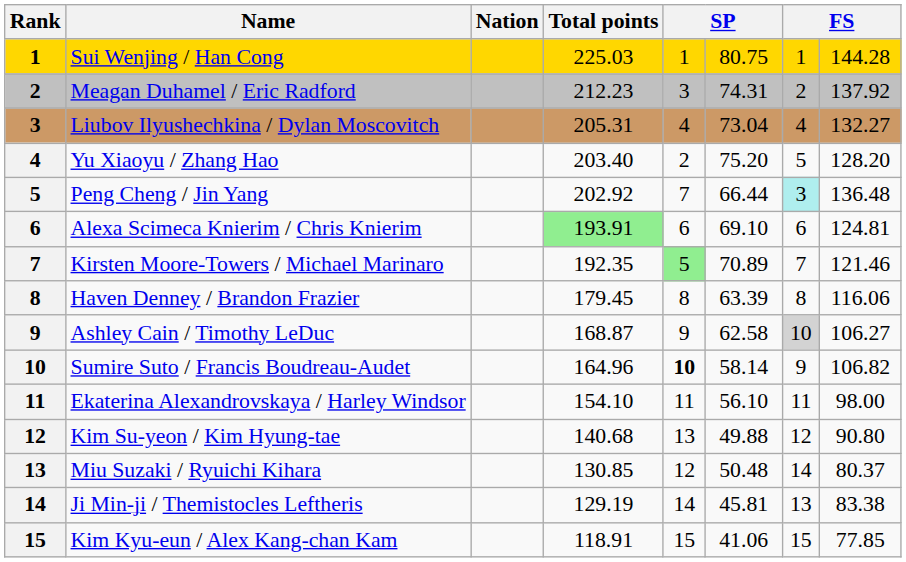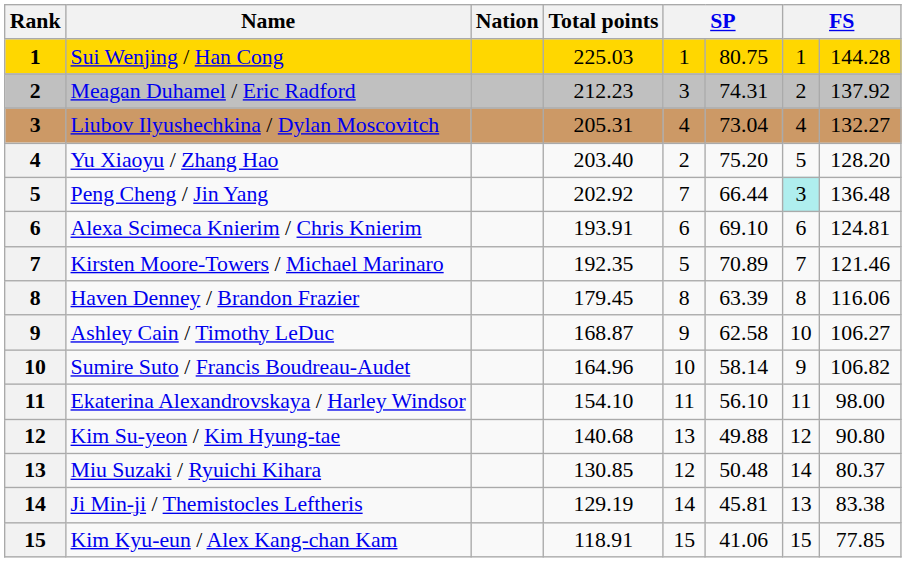 <table class="wikitable sortable">
 <tr>
 <th>Rank</th>
 <th>Name</th>
 <th>Nation</th>
 <th>Total points</th>
 <th colspan="2" width="80px"><a href='#'>SP</a></th>
 <th colspan="2" width="80px"><a href='#'>FS</a></th>
 </tr>
 <tr bgcolor="gold">
 <td align="center"><strong>1</strong></td>
 <td><a href='#'>Sui Wenjing</a> / <a href='#'>Han Cong</a></td>
 <td></td>
 <td align="center">225.03</td>
 <td align="center">1</td>
 <td align="center">80.75</td>
 <td align="center">1</td>
 <td align="center">144.28</td>
 </tr>
 <tr bgcolor="silver">
 <td align="center"><strong>2</strong></td>
 <td><a href='#'>Meagan Duhamel</a> / <a href='#'>Eric Radford</a></td>
 <td></td>
 <td align="center">212.23</td>
 <td align="center">3</td>
 <td align="center">74.31</td>
 <td align="center">2</td>
 <td align="center">137.92</td>
 </tr>
 <tr bgcolor="#cc9966">
 <td align="center"><strong>3</strong></td>
 <td><a href='#'>Liubov Ilyushechkina</a> / <a href='#'>Dylan Moscovitch</a></td>
 <td></td>
 <td align="center">205.31</td>
 <td align="center">4</td>
 <td align="center">73.04</td>
 <td align="center">4</td>
 <td align="center">132.27</td>
 </tr>
 <tr>
 <th>4</th>
 <td><a href='#'>Yu Xiaoyu</a> / <a href='#'>Zhang Hao</a></td>
 <td></td>
 <td align="center">203.40</td>
 <td align="center">2</td>
 <td align="center">75.20</td>
 <td align="center">5</td>
 <td align="center">128.20</td>
 </tr>
 <tr>
 <th>5</th>
 <td><a href='#'>Peng Cheng</a> / <a href='#'>Jin Yang</a></td>
 <td></td>
 <td align="center">202.92</td>
 <td align="center">7</td>
 <td align="center">66.44</td>
 <td align="center" style="background: paleturquoise;">3</td>
 <td align="center">136.48</td>
 </tr>
 <tr>
 <th>6</th>
 <td><a href='#'>Alexa Scimeca Knierim</a> / <a href='#'>Chris Knierim</a></td>
 <td></td>
-<td align="center" style="background: lightgreen;">193.91</td>
+<td align="center">193.91</td>
 <td align="center">6</td>
 <td align="center">69.10</td>
 <td align="center">6</td>
 <td align="center">124.81</td>
 </tr>
 <tr>
 <th>7</th>
 <td><a href='#'>Kirsten Moore-Towers</a> / <a href='#'>Michael Marinaro</a></td>
 <td></td>
 <td align="center">192.35</td>
-<td align="center" style="background: lightgreen;">5</td>
+<td align="center">5</td>
 <td align="center">70.89</td>
 <td align="center">7</td>
 <td align="center">121.46</td>
 </tr>
 <tr>
 <th>8</th>
 <td><a href='#'>Haven Denney</a> / <a href='#'>Brandon Frazier</a></td>
 <td></td>
 <td align="center">179.45</td>
 <td align="center">8</td>
 <td align="center">63.39</td>
 <td align="center">8</td>
 <td align="center">116.06</td>
 </tr>
 <tr>
 <th>9</th>
 <td><a href='#'>Ashley Cain</a> / <a href='#'>Timothy LeDuc</a></td>
 <td></td>
 <td align="center">168.87</td>
 <td align="center">9</td>
 <td align="center">62.58</td>
-<td align="center" style="background: lightgrey;">10</td>
+<td align="center">10</td>
 <td align="center">106.27</td>
 </tr>
 <tr>
 <th>10</th>
 <td><a href='#'>Sumire Suto</a> / <a href='#'>Francis Boudreau-Audet</a></td>
 <td></td>
 <td align="center">164.96</td>
-<td align="center"><strong>10</strong></td>
+<td align="center">10</td>
 <td align="center">58.14</td>
 <td align="center">9</td>
 <td align="center">106.82</td>
 </tr>
 <tr>
 <th>11</th>
 <td><a href='#'>Ekaterina Alexandrovskaya</a> / <a href='#'>Harley Windsor</a></td>
 <td></td>
 <td align="center">154.10</td>
 <td align="center">11</td>
 <td align="center">56.10</td>
 <td align="center">11</td>
 <td align="center">98.00</td>
 </tr>
 <tr>
 <th>12</th>
 <td><a href='#'>Kim Su-yeon</a> / <a href='#'>Kim Hyung-tae</a></td>
 <td></td>
 <td align="center">140.68</td>
 <td align="center">13</td>
 <td align="center">49.88</td>
 <td align="center">12</td>
 <td align="center">90.80</td>
 </tr>
 <tr>
 <th>13</th>
 <td><a href='#'>Miu Suzaki</a> / <a href='#'>Ryuichi Kihara</a></td>
 <td></td>
 <td align="center">130.85</td>
 <td align="center">12</td>
 <td align="center">50.48</td>
 <td align="center">14</td>
 <td align="center">80.37</td>
 </tr>
 <tr>
 <th>14</th>
 <td><a href='#'>Ji Min-ji</a> / <a href='#'>Themistocles Leftheris</a></td>
 <td></td>
 <td align="center">129.19</td>
 <td align="center">14</td>
 <td align="center">45.81</td>
 <td align="center">13</td>
 <td align="center">83.38</td>
 </tr>
 <tr>
 <th>15</th>
 <td><a href='#'>Kim Kyu-eun</a> / <a href='#'>Alex Kang-chan Kam</a></td>
 <td></td>
 <td align="center">118.91</td>
 <td align="center">15</td>
 <td align="center">41.06</td>
 <td align="center">15</td>
 <td align="center">77.85</td>
 </tr>
 </table>
